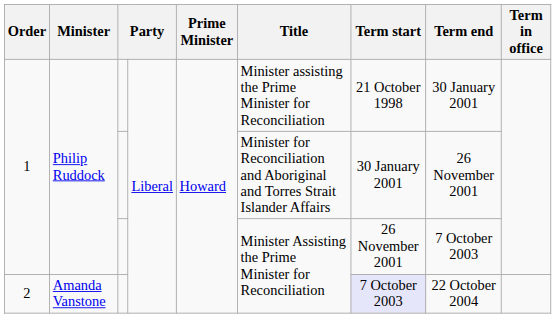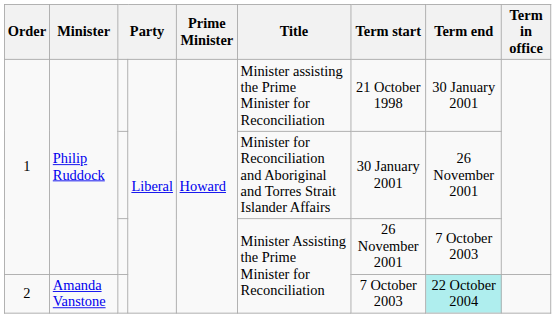 <table class="wikitable">
 <tr>
 <th width=5>Order</th>
 <th width=150>Minister</th>
 <th width=150 colspan="2">Party</th>
 <th width=75>Prime Minister</th>
 <th width=325>Title</th>
 <th width=150>Term start</th>
 <th width=150>Term end</th>
 <th width=130>Term in office</th>
 </tr>
 <tr>
 <td rowspan=3 align=center>1</td>
 <td rowspan=3><a href='#'>Philip Ruddock</a></td>
 <td> </td>
 <td rowspan=4><a href='#'>Liberal</a></td>
 <td rowspan=4><a href='#'>Howard</a></td>
 <td>Minister assisting the Prime Minister for Reconciliation</td>
 <td align=center>21 October 1998</td>
 <td align=center>30 January 2001</td>
 <td rowspan=3 align=right><strong></strong></td>
 </tr>
 <tr>
 <td> </td>
 <td>Minister for Reconciliation and Aboriginal and Torres Strait Islander Affairs</td>
 <td align=center>30 January 2001</td>
 <td align=center>26 November 2001</td>
 </tr>
 <tr>
 <td> </td>
 <td rowspan=3>Minister Assisting the Prime Minister for Reconciliation</td>
 <td align=center>26 November 2001</td>
 <td align=center>7 October 2003</td>
 </tr>
 <tr>
 <td align=center>2</td>
 <td><a href='#'>Amanda Vanstone</a></td>
 <td> </td>
-<td align=center style="background: lavender;">7 October 2003</td>
-<td align=center>22 October 2004</td>
+<td align=center>7 October 2003</td>
+<td align=center style="background: paleturquoise;">22 October 2004</td>
 <td align=right></td>
 </tr>
 </table>
